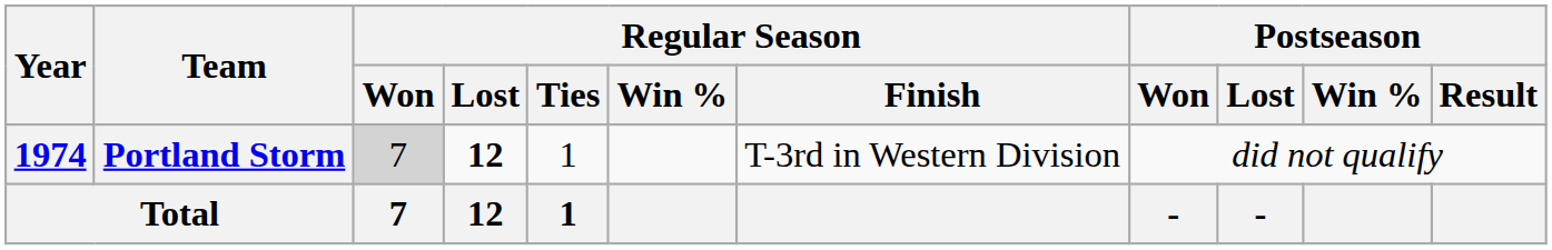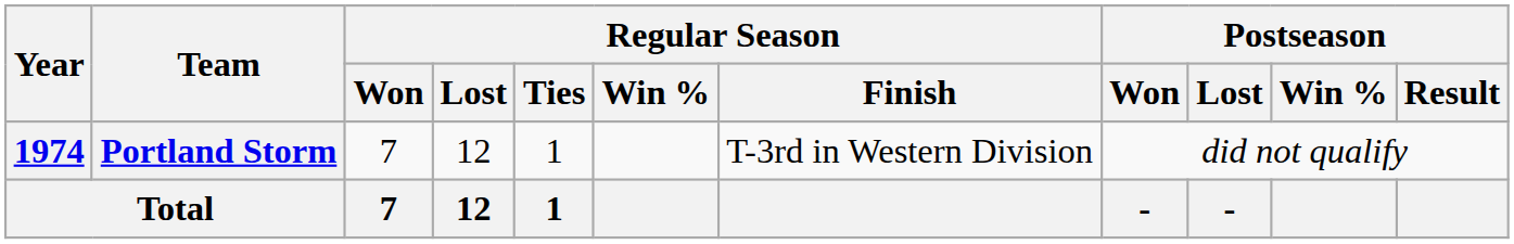 <table class="wikitable" style="font-size: 95%; text-align:center;">
 <tr>
 <th rowspan="2">Year</th>
 <th rowspan="2">Team</th>
 <th colspan="5">Regular Season</th>
 <th colspan="4">Postseason</th>
 </tr>
 <tr>
 <th>Won</th>
 <th>Lost</th>
 <th>Ties</th>
 <th>Win %</th>
 <th>Finish</th>
 <th>Won</th>
 <th>Lost</th>
 <th>Win %</th>
 <th>Result</th>
 </tr>
 <tr>
 <th><a href='#'>1974</a></th>
 <th><a href='#'>Portland Storm</a></th>
-<td style="background: lightgrey;">7</td>
-<td><strong>12</strong></td>
+<td>7</td>
+<td>12</td>
 <td>1</td>
 <td></td>
 <td>T-3rd in Western Division</td>
 <td colspan="4"><em>did not qualify</em></td>
 </tr>
 <tr>
 <th colspan="2">Total</th>
 <th>7</th>
 <th>12</th>
 <th>1</th>
 <th></th>
 <th></th>
 <th>-</th>
 <th>-</th>
 <th></th>
 <th></th>
 </tr>
 </table>
